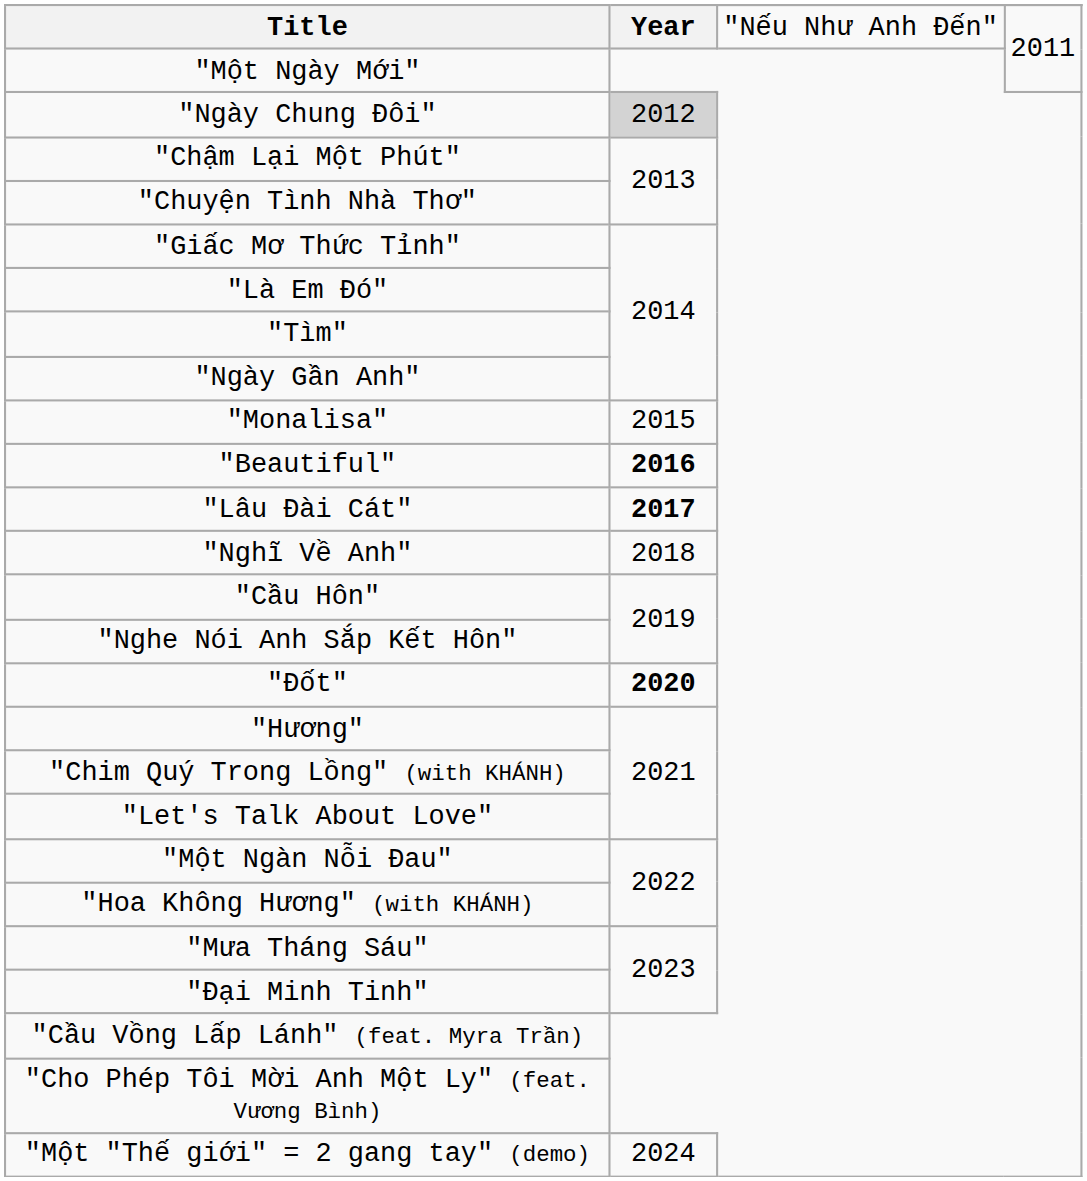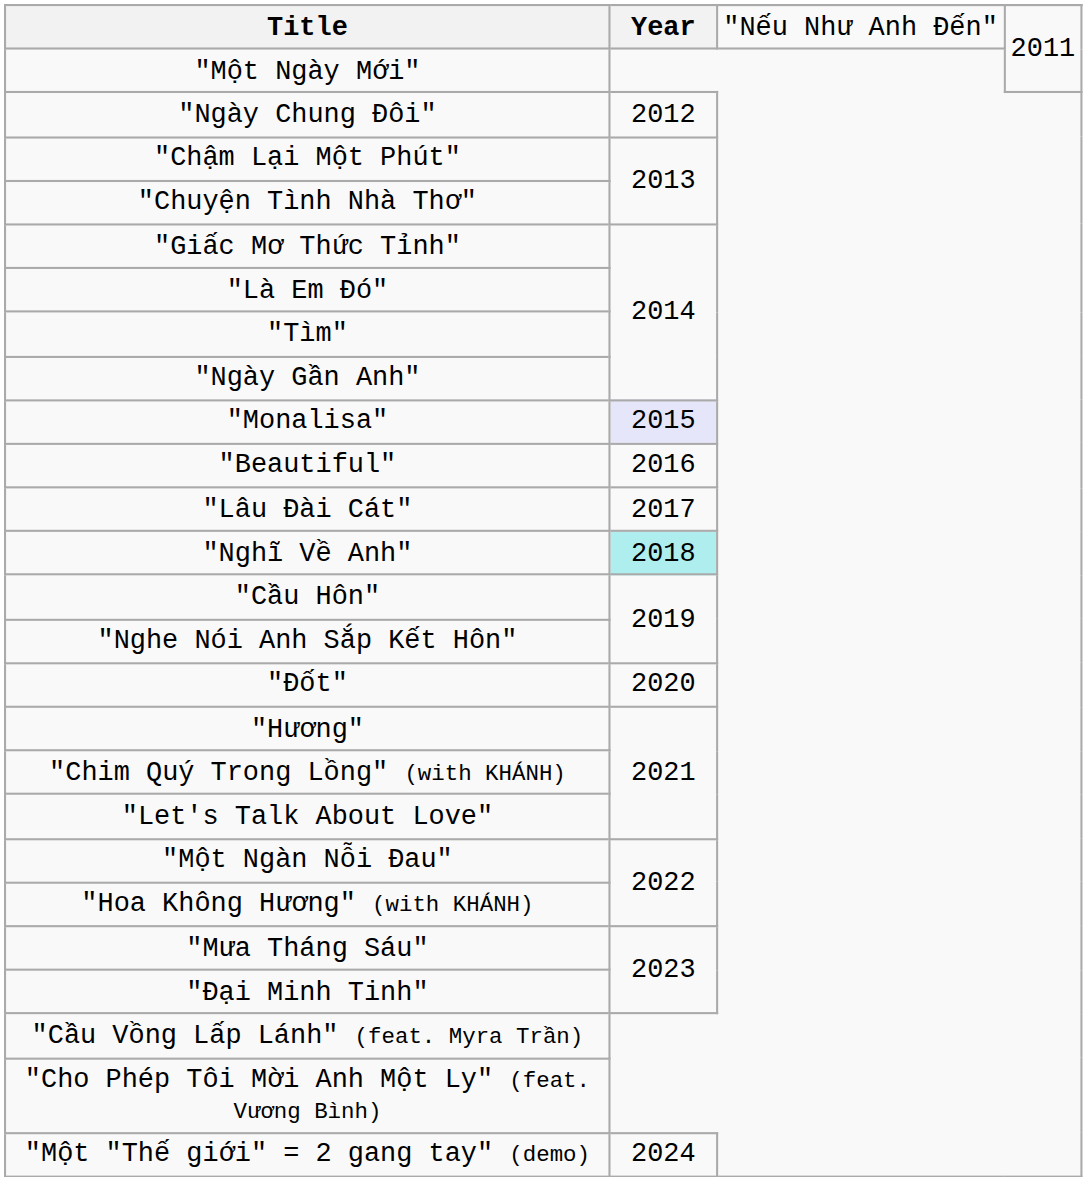 <table class="wikitable plainrowheaders" border="1" style="text-align:center;">
 <tr>
 <th scope="col" style="width:22em;" rowspan="2">Title</th>
 <th scope="col" style="width:3.5em;" rowspan="2">Year</th>
 </tr>
 <tr>
 <td scope="row">"Nếu Như Anh Đến"</td>
 <td rowspan="2">2011</td>
 </tr>
 <tr>
 <td scope="row">"Một Ngày Mới"</td>
 </tr>
 <tr>
 <td scope="row">"Ngày Chung Đôi"</td>
-<td style="background: lightgrey;">2012</td>
+<td>2012</td>
 </tr>
 <tr>
 <td scope="row">"Chậm Lại Một Phút"</td>
 <td rowspan="2">2013</td>
 </tr>
 <tr>
 <td scope="row">"Chuyện Tình Nhà Thơ"</td>
 </tr>
 <tr>
 <td scope="row">"Giấc Mơ Thức Tỉnh"</td>
 <td rowspan="4">2014</td>
 </tr>
 <tr>
 <td scope="row">"Là Em Đó"</td>
 </tr>
 <tr>
 <td scope="row">"Tìm" </td>
 </tr>
 <tr>
 <td scope="row">"Ngày Gần Anh"</td>
 </tr>
 <tr>
 <td scope="row">"Monalisa"</td>
-<td>2015</td>
+<td style="background: lavender;">2015</td>
 </tr>
 <tr>
 <td scope="row">"Beautiful"</td>
-<td><strong>2016</strong></td>
+<td>2016</td>
 </tr>
 <tr>
 <td scope="row">"Lâu Đài Cát"</td>
-<td><strong>2017</strong></td>
+<td>2017</td>
 </tr>
 <tr>
 <td scope="row">"Nghĩ Về Anh"</td>
-<td>2018</td>
+<td style="background: paleturquoise;">2018</td>
 </tr>
 <tr>
 <td scope="row">"Cầu Hôn" </td>
 <td rowspan="2">2019</td>
 </tr>
 <tr>
 <td scope="row">"Nghe Nói Anh Sắp Kết Hôn" </td>
 </tr>
 <tr>
 <td scope="row">"Đốt"</td>
-<td><strong>2020</strong></td>
+<td>2020</td>
 </tr>
 <tr>
 <td scope="row">"Hương"</td>
 <td rowspan="3">2021</td>
 </tr>
 <tr>
 <td scope="row">"Chim Quý Trong Lồng" <small>(with KHÁNH)</small></td>
 </tr>
 <tr>
 <td scope="row">"Let's Talk About Love" </td>
 </tr>
 <tr>
 <td scope="row">"Một Ngàn Nỗi Đau"</td>
 <td rowspan="2">2022</td>
 </tr>
 <tr>
 <td scope="row">"Hoa Không Hương" <small>(with KHÁNH)</small></td>
 </tr>
 <tr>
 <td scope="row">"Mưa Tháng Sáu" </td>
 <td rowspan="2">2023</td>
 </tr>
 <tr>
 <td scope="row">"Đại Minh Tinh"</td>
 </tr>
 <tr>
 <td scope="row">"Cầu Vồng Lấp Lánh" <small>(feat. Myra Trần)</small></td>
 </tr>
 <tr>
 <td scope="row">"Cho Phép Tôi Mời Anh Một Ly" <small>(feat. Vương Bình)</small></td>
 </tr>
 <tr>
 <td scope="row">"Một "Thế giới" = 2 gang tay" <small>(demo)</small></td>
 <td rowspan="2">2024</td>
 </tr>
 </table>
